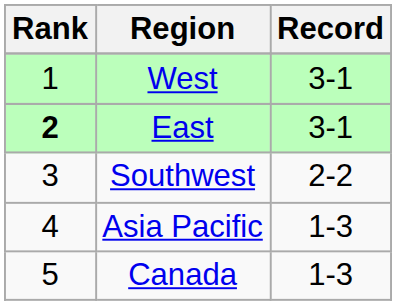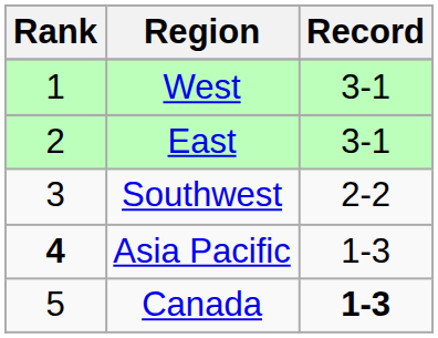 <table class="wikitable">
 <tr>
 <th>Rank</th>
 <th>Region</th>
 <th>Record</th>
 </tr>
 <tr>
 </tr>
 <tr bgcolor=#bbffbb>
 <td align=center>1</td>
 <td align=center> <a href='#'>West</a></td>
 <td align=center>3-1</td>
 </tr>
 <tr>
 </tr>
 <tr bgcolor=#bbffbb>
-<td align=center><strong>2</strong></td>
+<td align=center>2</td>
 <td align=center> <a href='#'>East</a></td>
 <td align=center>3-1</td>
 </tr>
 <tr>
 <td align=center>3</td>
 <td align=center> <a href='#'>Southwest</a></td>
 <td align=center>2-2</td>
 </tr>
 <tr>
-<td align=center>4</td>
+<td align=center><strong>4</strong></td>
 <td align=center> <a href='#'>Asia Pacific</a></td>
 <td align=center>1-3</td>
 </tr>
 <tr>
 <td align=center>5</td>
 <td align=center> <a href='#'>Canada</a></td>
-<td align=center>1-3</td>
+<td align=center><strong>1-3</strong></td>
 </tr>
 </table>
